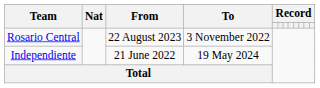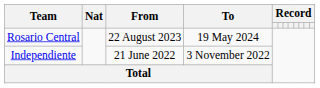 <table class="wikitable" tyle="text-align: center">
 <tr>
 <th rowspan="2">Team</th>
 <th rowspan="2">Nat</th>
 <th rowspan="2">From</th>
 <th rowspan="2">To</th>
 <th colspan="8">Record</th>
 </tr>
 <tr>
 <th></th>
 <th></th>
 <th></th>
 <th></th>
 <th></th>
 <th></th>
 <th></th>
 <th></th>
 </tr>
 <tr>
 <td align=center><a href='#'>Rosario Central</a></td>
 <td rowspan="2"></td>
 <td align=center>22 August 2023</td>
-<td align=center>3 November 2022<br></td>
+<td align=center>19 May 2024<br></td>
 </tr>
 <tr>
 <td align=center><a href='#'>Independiente</a></td>
 <td align=center>21 June 2022</td>
-<td align=center>19 May 2024<br></td>
+<td align=center>3 November 2022<br></td>
 </tr>
 <tr>
 <th colspan="4">Total<br></th>
 </tr>
 </table>
